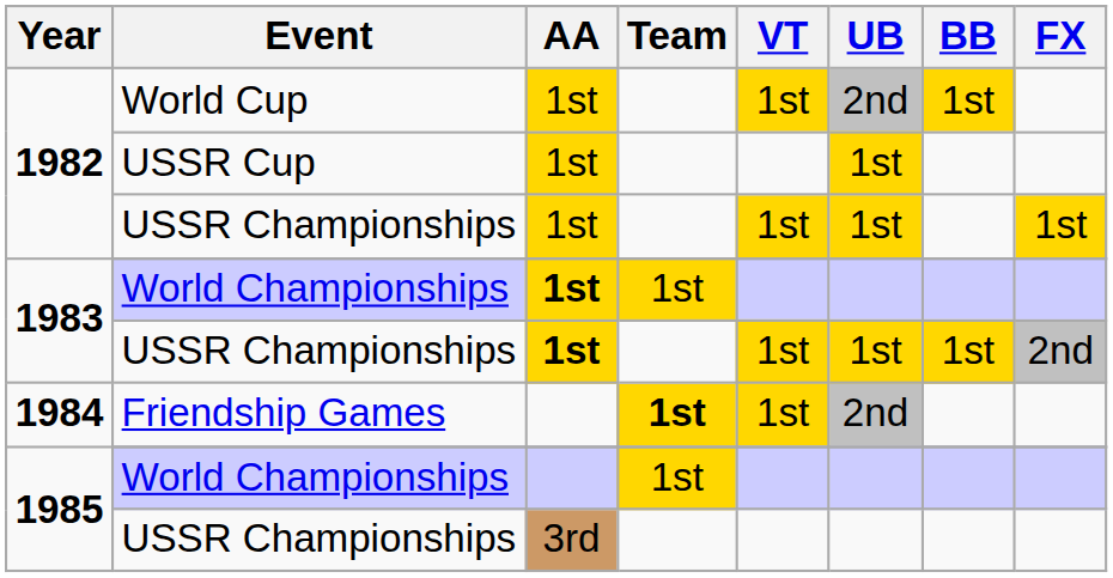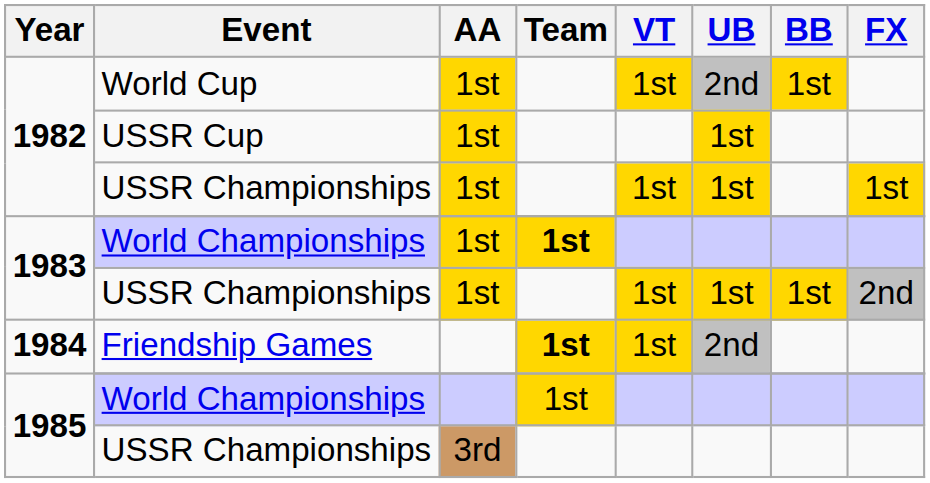 <table class="wikitable sortable" style="text-align:center; font-size:100%;">
 <tr>
 <th align=center>Year</th>
 <th align=center>Event</th>
 <th width=30px>AA</th>
 <th width=30px>Team</th>
 <th width=30px><a href='#'>VT</a></th>
 <th width=30px><a href='#'>UB</a></th>
 <th width=30px><a href='#'>BB</a></th>
 <th width=30px><a href='#'>FX</a></th>
 </tr>
 <tr>
 <td rowspan="3"><strong>1982</strong></td>
 <td align=left>World Cup</td>
 <td bgcolor=gold>1st</td>
 <td></td>
 <td bgcolor=gold>1st</td>
 <td bgcolor=silver>2nd</td>
 <td bgcolor=gold>1st</td>
 <td></td>
 </tr>
 <tr>
 <td align=left>USSR Cup</td>
 <td bgcolor=gold>1st</td>
 <td></td>
 <td></td>
 <td bgcolor=gold>1st</td>
 <td></td>
 <td></td>
 </tr>
 <tr>
 <td align=left>USSR Championships</td>
 <td bgcolor=gold>1st</td>
 <td></td>
 <td bgcolor=gold>1st</td>
 <td bgcolor=gold>1st</td>
 <td></td>
 <td bgcolor=gold>1st</td>
 </tr>
 <tr>
 <td rowspan="3"><strong>1983</strong></td>
 </tr>
 <tr bgcolor=#CCCCFF>
 <td align=left><a href='#'>World Championships</a></td>
+<td bgcolor=gold>1st</td>
 <td bgcolor=gold><strong>1st</strong></td>
-<td bgcolor=gold>1st</td>
 <td></td>
 <td></td>
 <td></td>
 <td></td>
 </tr>
 <tr>
 <td align=left>USSR Championships</td>
-<td bgcolor=gold><strong>1st</strong></td>
+<td bgcolor=gold>1st</td>
 <td></td>
 <td bgcolor=gold>1st</td>
 <td bgcolor=gold>1st</td>
 <td bgcolor=gold>1st</td>
 <td bgcolor=silver>2nd</td>
 </tr>
 <tr>
 <td rowspan="1"><strong>1984</strong></td>
 <td align=left><a href='#'>Friendship Games</a></td>
 <td></td>
 <td bgcolor=gold><strong>1st</strong></td>
 <td bgcolor=gold>1st</td>
 <td bgcolor=silver>2nd</td>
 <td></td>
 <td></td>
 </tr>
 <tr>
 <td rowspan="3"><strong>1985</strong></td>
 </tr>
 <tr bgcolor=#CCCCFF>
 <td align=left><a href='#'>World Championships</a></td>
 <td></td>
 <td bgcolor=gold>1st</td>
 <td></td>
 <td></td>
 <td></td>
 <td></td>
 </tr>
 <tr>
 <td align=left>USSR Championships</td>
 <td bgcolor=CC9966>3rd</td>
 <td></td>
 <td></td>
 <td></td>
 <td></td>
 <td></td>
 </tr>
 </table>
